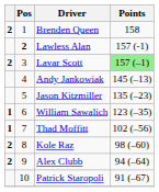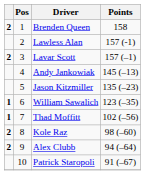 <table class="wikitable" style="font-size: 95%;">
 <tr>
 <th></th>
 <th>Pos</th>
 <th>Driver</th>
 <th>Points</th>
 </tr>
 <tr>
 <td align="left"> <strong>2</strong></td>
 <td style="text-align:center;">1</td>
 <td><a href='#'>Brenden Queen</a></td>
 <td style="text-align:center;">158</td>
 </tr>
 <tr>
 <td align="left"></td>
-<td style="text-align:center;"><strong>2</strong></td>
+<td style="text-align:center;">2</td>
 <td><a href='#'>Lawless Alan</a></td>
 <td style="text-align:center;">157 (-1)</td>
 </tr>
 <tr>
 <td align="left"> <strong>2</strong></td>
 <td style="text-align:center;">3</td>
 <td><a href='#'>Lavar Scott</a></td>
-<td style="background: lightgreen; text-align:center;">157 (–1)</td>
+<td style="text-align:center;">157 (–1)</td>
 </tr>
 <tr>
 <td align="left"></td>
 <td style="text-align:center;">4</td>
 <td><a href='#'>Andy Jankowiak</a></td>
 <td style="text-align:center;">145 (–13)</td>
 </tr>
 <tr>
 <td align="left"></td>
 <td style="text-align:center;">5</td>
 <td><a href='#'>Jason Kitzmiller</a></td>
 <td style="text-align:center;">135 (–23)</td>
 </tr>
 <tr>
 <td align="left"> <strong>1</strong></td>
 <td style="text-align:center;">6</td>
 <td><a href='#'>William Sawalich</a></td>
 <td style="text-align:center;">123 (–35)</td>
 </tr>
 <tr>
 <td align="left"> <strong>1</strong></td>
 <td style="text-align:center;">7</td>
 <td><a href='#'>Thad Moffitt</a></td>
 <td style="text-align:center;">102 (–56)</td>
 </tr>
 <tr>
 <td align="left"> <strong>2</strong></td>
 <td style="text-align:center;">8</td>
 <td><a href='#'>Kole Raz</a></td>
 <td style="text-align:center;">98 (–60)</td>
 </tr>
 <tr>
 <td align="left"> <strong>2</strong></td>
 <td style="text-align:center;">9</td>
 <td><a href='#'>Alex Clubb</a></td>
 <td style="text-align:center;">94 (–64)</td>
 </tr>
 <tr>
 <td align="left"></td>
 <td style="text-align:center;">10</td>
 <td><a href='#'>Patrick Staropoli</a></td>
 <td style="text-align:center;">91 (–67)</td>
 </tr>
 <tr class="sortbottom">
 </tr>
 </table>
